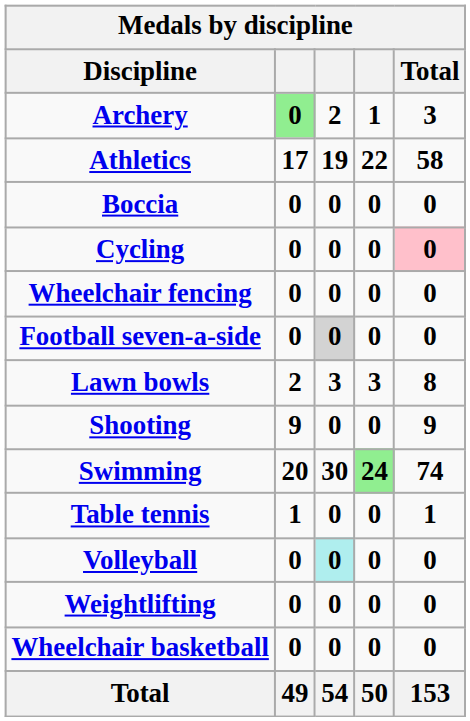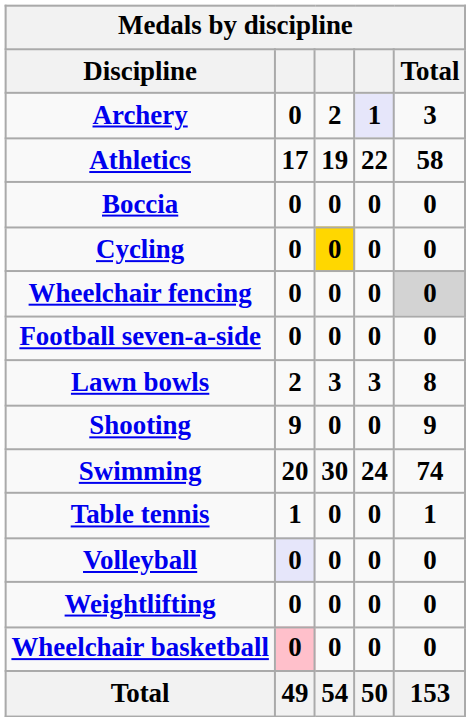 <table class="wikitable"  style="font-size:85%; float:right;">
 <tr style="background:#efefef;">
 <th colspan=6>Medals by discipline</th>
 </tr>
 <tr style="text-align:center;">
 <th>Discipline</th>
 <th></th>
 <th></th>
 <th></th>
 <th>Total</th>
 </tr>
 <tr style="text-align:center; font-weight:bold;">
 <td><a href='#'>Archery</a></td>
-<td style="background: lightgreen;">0</td>
+<td>0</td>
 <td>2</td>
-<td>1</td>
+<td style="background: lavender;">1</td>
 <td>3</td>
 </tr>
 <tr style="text-align:center; font-weight:bold;">
 <td><a href='#'>Athletics</a></td>
 <td>17</td>
 <td>19</td>
 <td>22</td>
 <td>58</td>
 </tr>
 <tr style="text-align:center; font-weight:bold;">
 <td><a href='#'>Boccia</a></td>
 <td>0</td>
 <td>0</td>
 <td>0</td>
 <td>0</td>
 </tr>
 <tr style="text-align:center; font-weight:bold;">
 <td><a href='#'>Cycling</a></td>
 <td>0</td>
+<td style="background: gold;">0</td>
 <td>0</td>
 <td>0</td>
-<td style="background: pink;">0</td>
 </tr>
 <tr style="text-align:center; font-weight:bold;">
 <td><a href='#'>Wheelchair fencing</a></td>
 <td>0</td>
 <td>0</td>
 <td>0</td>
-<td>0</td>
+<td style="background: lightgrey;">0</td>
 </tr>
 <tr style="text-align:center; font-weight:bold;">
 <td><a href='#'>Football seven-a-side</a></td>
 <td>0</td>
-<td style="background: lightgrey;">0</td>
+<td>0</td>
 <td>0</td>
 <td>0</td>
 </tr>
 <tr style="text-align:center; font-weight:bold;">
 <td><a href='#'>Lawn bowls</a></td>
 <td>2</td>
 <td>3</td>
 <td>3</td>
 <td>8</td>
 </tr>
 <tr style="text-align:center; font-weight:bold;">
 <td><a href='#'>Shooting</a></td>
 <td>9</td>
 <td>0</td>
 <td>0</td>
 <td>9</td>
 </tr>
 <tr style="text-align:center; font-weight:bold;">
 <td><a href='#'>Swimming</a></td>
 <td>20</td>
 <td>30</td>
-<td style="background: lightgreen;">24</td>
+<td>24</td>
 <td>74</td>
 </tr>
 <tr style="text-align:center; font-weight:bold;">
 <td><a href='#'>Table tennis</a></td>
 <td>1</td>
 <td>0</td>
 <td>0</td>
 <td>1</td>
 </tr>
 <tr style="text-align:center; font-weight:bold;">
 <td><a href='#'>Volleyball</a></td>
+<td style="background: lavender;">0</td>
 <td>0</td>
-<td style="background: paleturquoise;">0</td>
 <td>0</td>
 <td>0</td>
 </tr>
 <tr style="text-align:center; font-weight:bold;">
 <td><a href='#'>Weightlifting</a></td>
 <td>0</td>
 <td>0</td>
 <td>0</td>
 <td>0</td>
 </tr>
 <tr style="text-align:center; font-weight:bold;">
 <td><a href='#'>Wheelchair basketball</a></td>
-<td>0</td>
+<td style="background: pink;">0</td>
 <td>0</td>
 <td>0</td>
 <td>0</td>
 </tr>
 <tr style="text-align:center;">
 <th>Total</th>
 <th>49</th>
 <th>54</th>
 <th>50</th>
 <th>153</th>
 </tr>
 </table>
